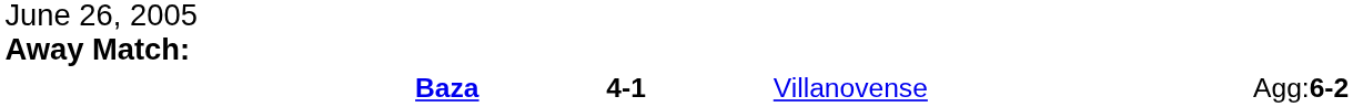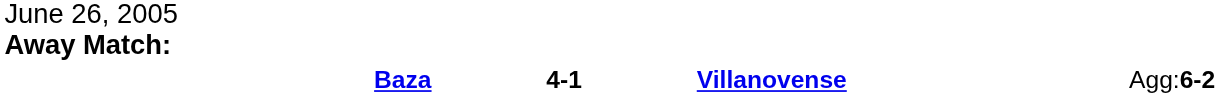 <table width=100% cellspacing=1>
 <tr>
 <th width=20%></th>
 <th width=12%></th>
 <th width=20%></th>
 <th></th>
 </tr>
 <tr>
 <td>June 26, 2005<br><strong>Away Match:</strong></td>
 </tr>
 <tr style=font-size:90%>
 <td align=right><strong><a href='#'>Baza</a></strong></td>
 <td align=center><strong>4-1</strong></td>
-<td><a href='#'>Villanovense</a></td>
+<td><strong><a href='#'>Villanovense</a></strong></td>
 <td>Agg:<strong>6-2</strong></td>
 </tr>
 </table>
